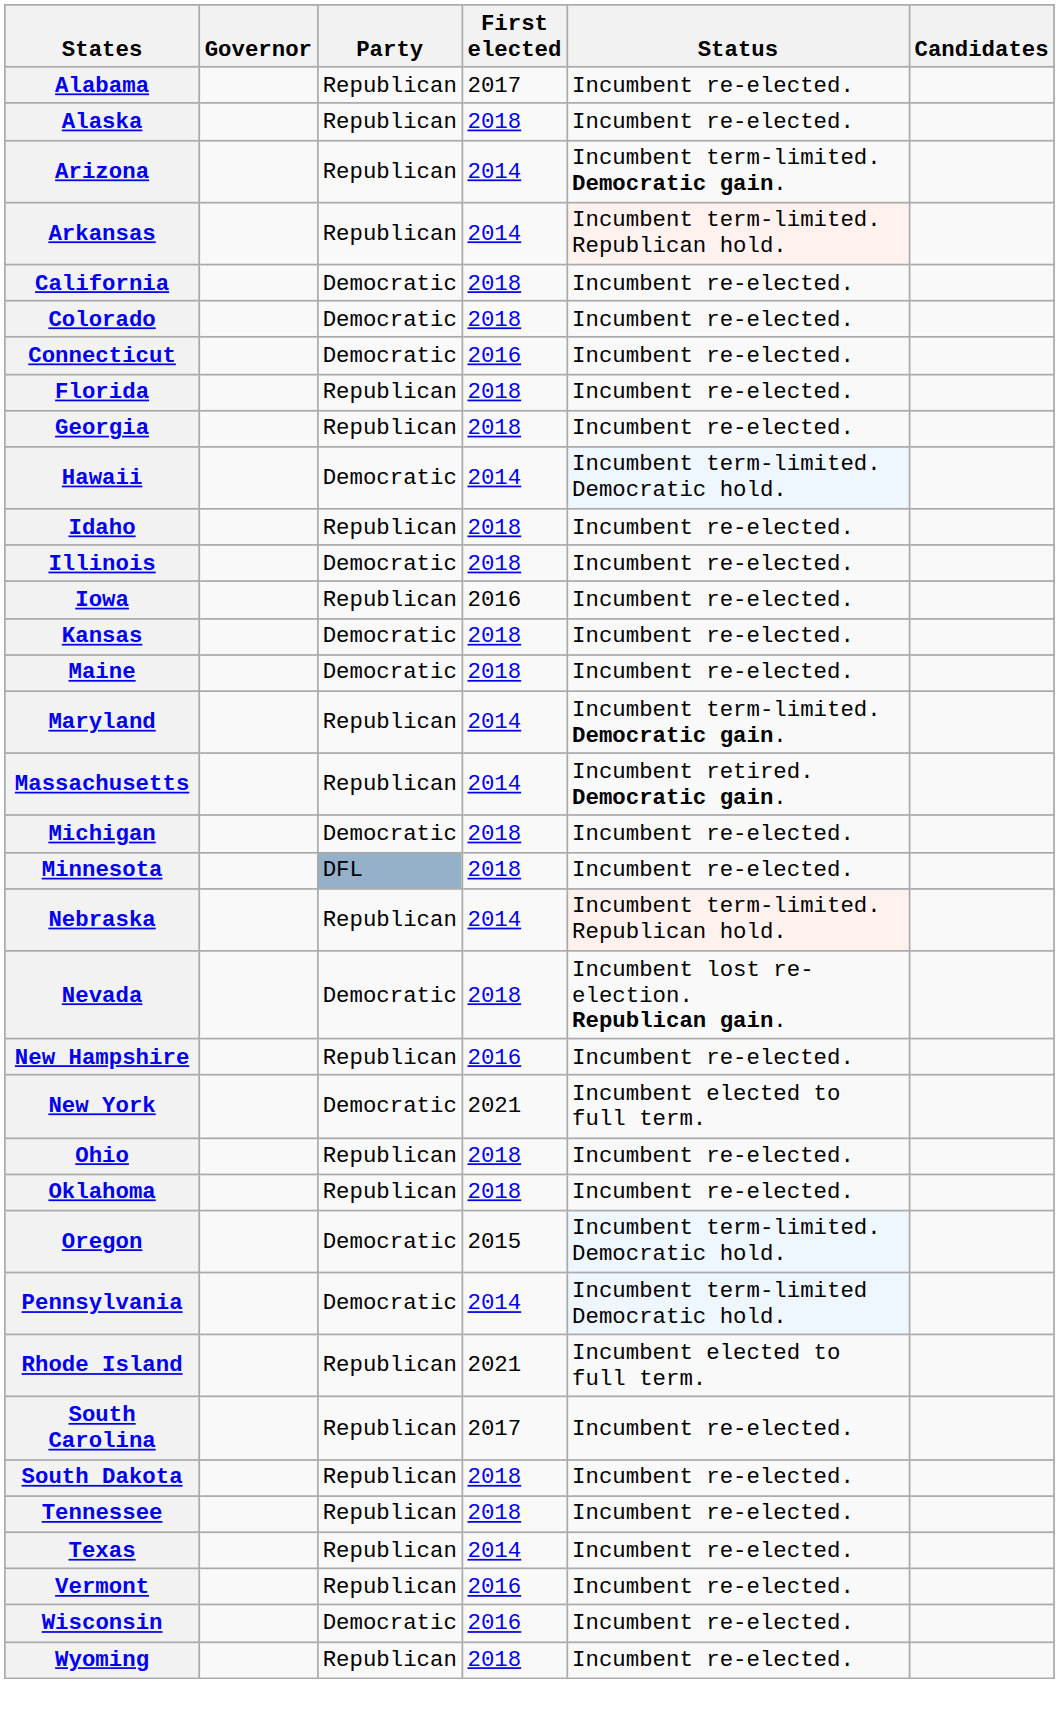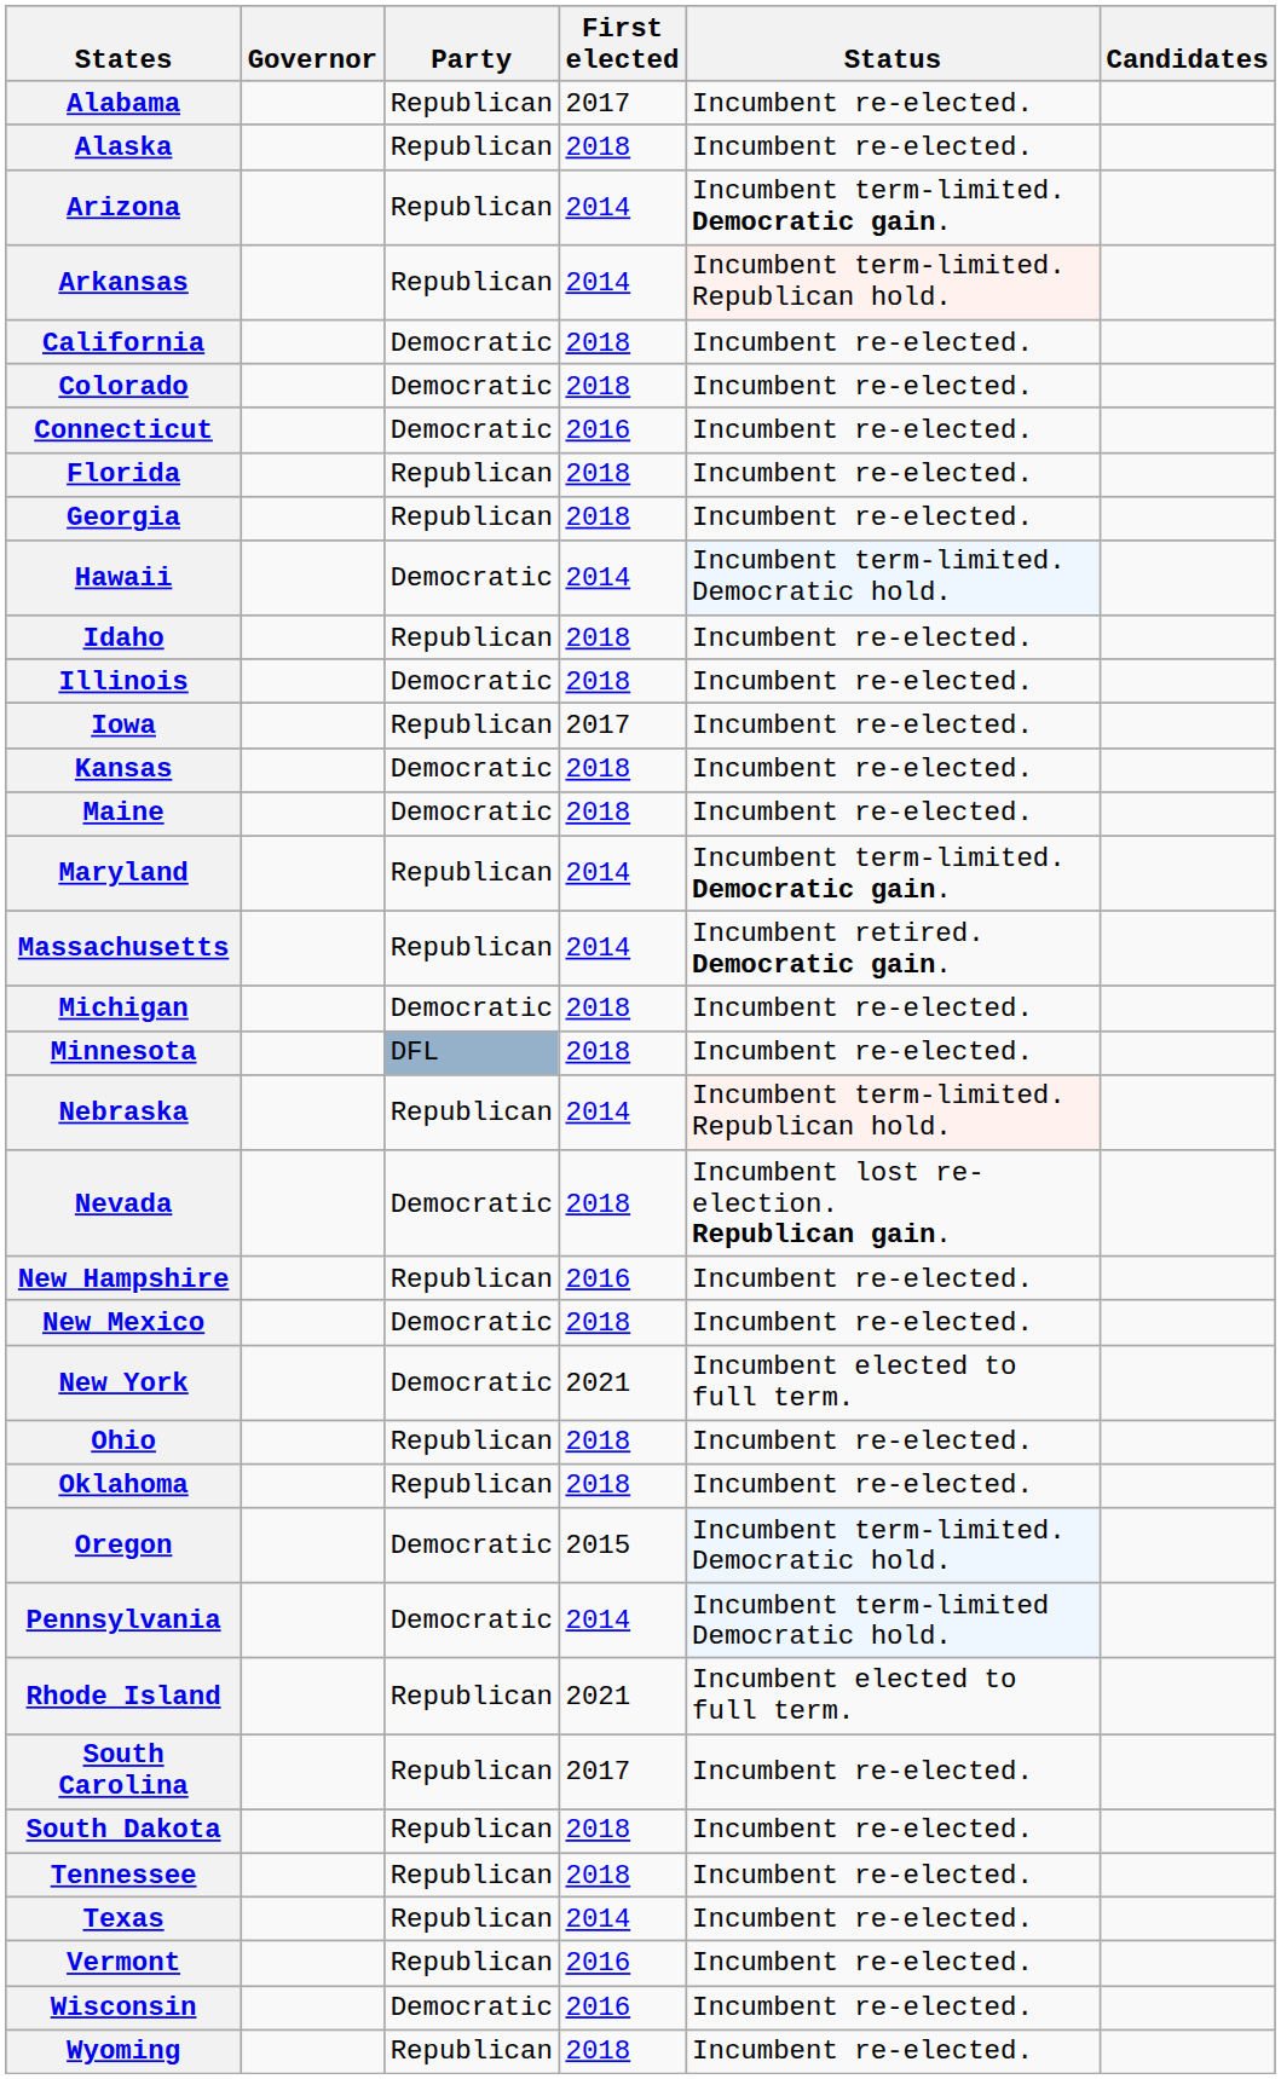 <table class="wikitable sortable">
 <tr valign=bottom>
 <th>States</th>
 <th>Governor</th>
 <th>Party</th>
 <th>First<br>elected</th>
 <th>Status</th>
 <th>Candidates</th>
 </tr>
 <tr>
 <th><a href='#'>Alabama</a></th>
 <td></td>
 <td style="background-color:">Republican</td>
 <td>2017</td>
 <td>Incumbent re-elected.</td>
 <td nowrap></td>
 </tr>
 <tr>
 <th><a href='#'>Alaska</a></th>
 <td></td>
 <td style="background-color:">Republican</td>
 <td><a href='#'>2018</a></td>
 <td>Incumbent re-elected.</td>
 <td nowrap></td>
 </tr>
 <tr>
 <th><a href='#'>Arizona</a></th>
 <td></td>
 <td style="background-color:">Republican</td>
 <td><a href='#'>2014</a></td>
 <td style="color:black;background-color:">Incumbent term-limited.<br><strong>Democratic gain</strong>.</td>
 <td nowrap></td>
 </tr>
 <tr>
 <th><a href='#'>Arkansas</a></th>
 <td></td>
 <td style="background-color:">Republican</td>
 <td><a href='#'>2014</a></td>
 <td style="background:#FFF1EE">Incumbent term-limited.<br>Republican hold.</td>
 <td nowrap></td>
 </tr>
 <tr>
 <th><a href='#'>California</a></th>
 <td></td>
 <td style="color:black;background-color:">Democratic</td>
 <td><a href='#'>2018</a></td>
 <td>Incumbent re-elected.</td>
 <td nowrap></td>
 </tr>
 <tr>
 <th><a href='#'>Colorado</a></th>
 <td></td>
 <td style="color:black;background-color:">Democratic</td>
 <td><a href='#'>2018</a></td>
 <td>Incumbent re-elected.</td>
 <td nowrap><br></td>
 </tr>
 <tr>
 <th><a href='#'>Connecticut</a></th>
 <td></td>
 <td style="color:black;background-color:">Democratic</td>
 <td><a href='#'>2016</a></td>
 <td>Incumbent re-elected.</td>
 <td nowrap></td>
 </tr>
 <tr>
 <th><a href='#'>Florida</a></th>
 <td></td>
 <td style="background-color:">Republican</td>
 <td><a href='#'>2018</a></td>
 <td>Incumbent re-elected.</td>
 <td nowrap></td>
 </tr>
 <tr>
 <th><a href='#'>Georgia</a></th>
 <td></td>
 <td style="background-color:">Republican</td>
 <td><a href='#'>2018</a></td>
 <td>Incumbent re-elected.</td>
 <td nowrap></td>
 </tr>
 <tr>
 <th><a href='#'>Hawaii</a></th>
 <td></td>
 <td style="color:black;background-color:">Democratic</td>
 <td><a href='#'>2014</a></td>
 <td style="background:#EEF6FF">Incumbent term-limited.<br>Democratic hold.</td>
 <td nowrap></td>
 </tr>
 <tr>
 <th><a href='#'>Idaho</a></th>
 <td></td>
 <td style="background-color:">Republican</td>
 <td><a href='#'>2018</a></td>
 <td>Incumbent re-elected.</td>
 <td nowrap></td>
 </tr>
 <tr>
 <th><a href='#'>Illinois</a></th>
 <td></td>
 <td style="color:black;background-color:">Democratic</td>
 <td><a href='#'>2018</a></td>
 <td>Incumbent re-elected.</td>
 <td nowrap></td>
 </tr>
 <tr>
 <th><a href='#'>Iowa</a></th>
 <td></td>
 <td style="background-color:">Republican</td>
-<td>2016</td>
+<td>2017</td>
 <td>Incumbent re-elected.</td>
 <td nowrap></td>
 </tr>
 <tr>
 <th><a href='#'>Kansas</a></th>
 <td></td>
 <td style="color:black;background-color:">Democratic</td>
 <td><a href='#'>2018</a></td>
 <td>Incumbent re-elected.</td>
 <td nowrap></td>
 </tr>
 <tr>
 <th><a href='#'>Maine</a></th>
 <td></td>
 <td style="color:black;background-color:">Democratic</td>
 <td><a href='#'>2018</a></td>
 <td>Incumbent re-elected.</td>
 <td nowrap></td>
 </tr>
 <tr>
 <th><a href='#'>Maryland</a></th>
 <td></td>
 <td style="background-color:">Republican</td>
 <td><a href='#'>2014</a></td>
 <td style="color:black;background-color:">Incumbent term-limited.<br><strong>Democratic gain</strong>.</td>
 <td nowrap><br></td>
 </tr>
 <tr>
 <th><a href='#'>Massachusetts</a></th>
 <td></td>
 <td style="background-color:">Republican</td>
 <td><a href='#'>2014</a></td>
 <td style="color:black;background-color:">Incumbent retired.<br><strong>Democratic gain</strong>.</td>
 <td nowrap></td>
 </tr>
 <tr>
 <th><a href='#'>Michigan</a></th>
 <td></td>
 <td style="color:black;background-color:">Democratic</td>
 <td><a href='#'>2018</a></td>
 <td>Incumbent re-elected.</td>
 <td nowrap><br></td>
 </tr>
 <tr>
 <th><a href='#'>Minnesota</a></th>
 <td></td>
 <td style="background:#95b0c9">DFL</td>
 <td><a href='#'>2018</a></td>
 <td>Incumbent re-elected.</td>
 <td nowrap><br></td>
 </tr>
 <tr>
 <th><a href='#'>Nebraska</a></th>
 <td></td>
 <td style="background-color:">Republican</td>
 <td><a href='#'>2014</a></td>
 <td style="background:#FFF1EE">Incumbent term-limited.<br>Republican hold.</td>
 <td nowrap></td>
 </tr>
 <tr>
 <th><a href='#'>Nevada</a></th>
 <td></td>
 <td style="color:black;background-color:">Democratic</td>
 <td><a href='#'>2018</a></td>
 <td style="background-color:">Incumbent lost re-election.<br><strong>Republican gain</strong>.</td>
 <td nowrap><br></td>
 </tr>
 <tr>
 <th><a href='#'>New Hampshire</a></th>
 <td></td>
 <td style="background-color:">Republican</td>
 <td><a href='#'>2016</a></td>
+<td>Incumbent re-elected.</td>
+<td nowrap></td>
+</tr>
+<tr>
+<th><a href='#'>New Mexico</a></th>
+<td></td>
+<td style="color:black;background-color:">Democratic</td>
+<td><a href='#'>2018</a></td>
 <td>Incumbent re-elected.</td>
 <td nowrap></td>
 </tr>
 <tr>
 <th><a href='#'>New York</a></th>
 <td></td>
 <td style="color:black;background-color:">Democratic</td>
 <td>2021</td>
 <td>Incumbent elected to full term.</td>
 <td nowrap></td>
 </tr>
 <tr>
 <th><a href='#'>Ohio</a></th>
 <td></td>
 <td style="background-color:">Republican</td>
 <td><a href='#'>2018</a></td>
 <td>Incumbent re-elected.</td>
 <td nowrap></td>
 </tr>
 <tr>
 <th><a href='#'>Oklahoma</a></th>
 <td></td>
 <td style="background-color:">Republican</td>
 <td><a href='#'>2018</a></td>
 <td>Incumbent re-elected.</td>
 <td nowrap></td>
 </tr>
 <tr>
 <th><a href='#'>Oregon</a></th>
 <td></td>
 <td style="color:black;background-color:">Democratic</td>
 <td>2015</td>
 <td style="background:#EEF6FF">Incumbent term-limited.<br>Democratic hold.</td>
 <td nowrap></td>
 </tr>
 <tr>
 <th><a href='#'>Pennsylvania</a></th>
 <td></td>
 <td style="color:black;background-color:">Democratic</td>
 <td><a href='#'>2014</a></td>
 <td style="background:#EEF6FF">Incumbent term-limited<br>Democratic hold.</td>
 <td nowrap><br></td>
 </tr>
 <tr>
 <th><a href='#'>Rhode Island</a></th>
 <td></td>
 <td style="background-color:">Republican</td>
 <td>2021</td>
 <td>Incumbent elected to full term.</td>
 <td nowrap><br></td>
 </tr>
 <tr>
 <th><a href='#'>South Carolina</a></th>
 <td></td>
 <td style="background-color:">Republican</td>
 <td>2017</td>
 <td>Incumbent re-elected.</td>
 <td nowrap></td>
 </tr>
 <tr>
 <th><a href='#'>South Dakota</a></th>
 <td></td>
 <td style="background-color:">Republican</td>
 <td><a href='#'>2018</a></td>
 <td>Incumbent re-elected.</td>
 <td nowrap></td>
 </tr>
 <tr>
 <th><a href='#'>Tennessee</a></th>
 <td></td>
 <td style="background-color:">Republican</td>
 <td><a href='#'>2018</a></td>
 <td>Incumbent re-elected.</td>
 <td nowrap><br></td>
 </tr>
 <tr>
 <th><a href='#'>Texas</a></th>
 <td></td>
 <td style="background-color:">Republican</td>
 <td><a href='#'>2014</a></td>
 <td>Incumbent re-elected.</td>
 <td nowrap></td>
 </tr>
 <tr>
 <th><a href='#'>Vermont</a></th>
 <td></td>
 <td style="background-color:">Republican</td>
 <td><a href='#'>2016</a></td>
 <td>Incumbent re-elected.</td>
 <td nowrap><br></td>
 </tr>
 <tr>
 <th><a href='#'>Wisconsin</a></th>
 <td></td>
 <td style="color:black;background-color:">Democratic</td>
 <td><a href='#'>2016</a></td>
 <td>Incumbent re-elected.</td>
 <td nowrap></td>
 </tr>
 <tr>
 <th><a href='#'>Wyoming</a></th>
 <td></td>
 <td style="background-color:">Republican</td>
 <td><a href='#'>2018</a></td>
 <td>Incumbent re-elected.</td>
 <td nowrap></td>
 </tr>
 </table>
